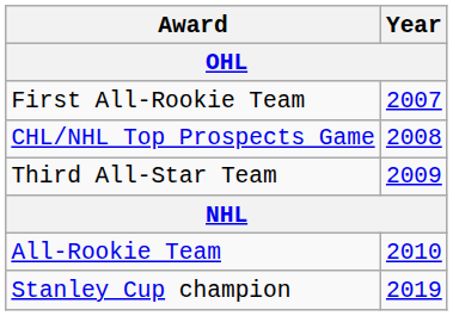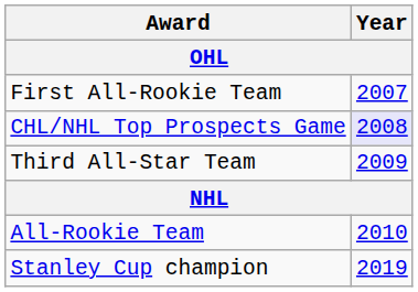 <table class="wikitable">
 <tr>
 <th>Award</th>
 <th>Year</th>
 </tr>
 <tr>
 <th colspan="3"><a href='#'>OHL</a></th>
 </tr>
 <tr>
 <td>First All-Rookie Team</td>
 <td><a href='#'>2007</a></td>
 </tr>
 <tr>
 <td><a href='#'>CHL/NHL Top Prospects Game</a></td>
-<td><a href='#'>2008</a></td>
+<td style="background: lavender;"><a href='#'>2008</a></td>
 </tr>
 <tr>
 <td>Third All-Star Team</td>
 <td><a href='#'>2009</a></td>
 </tr>
 <tr>
 <th colspan="3"><a href='#'>NHL</a></th>
 </tr>
 <tr>
 <td><a href='#'>All-Rookie Team</a></td>
 <td><a href='#'>2010</a></td>
 </tr>
 <tr>
 <td><a href='#'>Stanley Cup</a> champion</td>
 <td><a href='#'>2019</a></td>
 </tr>
 </table>
